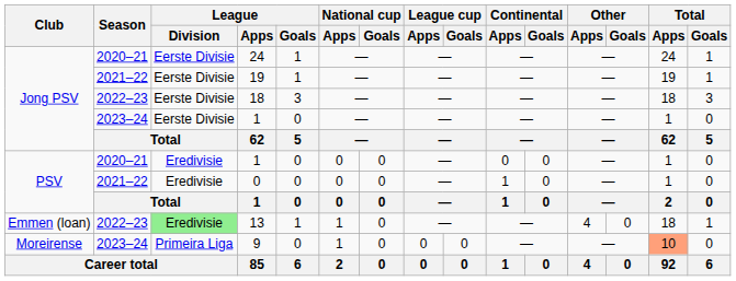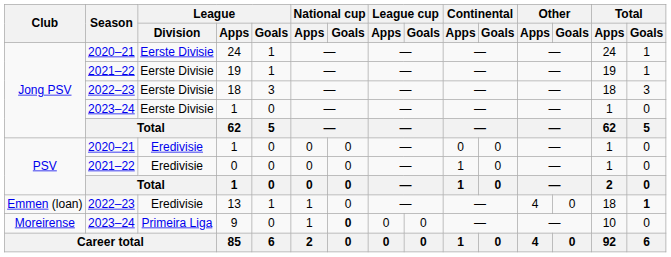 <table class="wikitable" Style="text-align: center">
 <tr>
 <th rowspan="2">Club</th>
 <th rowspan="2">Season</th>
 <th colspan="3">League</th>
 <th colspan="2">National cup</th>
 <th colspan="2">League cup</th>
 <th colspan="2">Continental</th>
 <th colspan="2">Other</th>
 <th colspan="2">Total</th>
 </tr>
 <tr>
 <th>Division</th>
 <th>Apps</th>
 <th>Goals</th>
 <th>Apps</th>
 <th>Goals</th>
 <th>Apps</th>
 <th>Goals</th>
 <th>Apps</th>
 <th>Goals</th>
 <th>Apps</th>
 <th>Goals</th>
 <th>Apps</th>
 <th>Goals</th>
 </tr>
 <tr>
 <td rowspan="5"><a href='#'>Jong PSV</a></td>
 <td><a href='#'>2020–21</a></td>
 <td><a href='#'>Eerste Divisie</a></td>
 <td>24</td>
 <td>1</td>
 <td colspan="2">—</td>
 <td colspan="2">—</td>
 <td colspan="2">—</td>
 <td colspan="2">—</td>
 <td>24</td>
 <td>1</td>
 </tr>
 <tr>
 <td><a href='#'>2021–22</a></td>
 <td>Eerste Divisie</td>
 <td>19</td>
 <td>1</td>
 <td colspan="2">—</td>
 <td colspan="2">—</td>
 <td colspan="2">—</td>
 <td colspan="2">—</td>
 <td>19</td>
 <td>1</td>
 </tr>
 <tr>
 <td><a href='#'>2022–23</a></td>
 <td>Eerste Divisie</td>
 <td>18</td>
 <td>3</td>
 <td colspan="2">—</td>
 <td colspan="2">—</td>
 <td colspan="2">—</td>
 <td colspan="2">—</td>
 <td>18</td>
 <td>3</td>
 </tr>
 <tr>
 <td><a href='#'>2023–24</a></td>
 <td>Eerste Divisie</td>
 <td>1</td>
 <td>0</td>
 <td colspan="2">—</td>
 <td colspan="2">—</td>
 <td colspan="2">—</td>
 <td colspan="2">—</td>
 <td>1</td>
 <td>0</td>
 </tr>
 <tr>
 <th colspan="2">Total</th>
 <th>62</th>
 <th>5</th>
 <th colspan="2">—</th>
 <th colspan="2">—</th>
 <th colspan="2">—</th>
 <th colspan="2">—</th>
 <th>62</th>
 <th>5</th>
 </tr>
 <tr>
 <td rowspan="3"><a href='#'>PSV</a></td>
 <td><a href='#'>2020–21</a></td>
 <td><a href='#'>Eredivisie</a></td>
 <td>1</td>
 <td>0</td>
 <td>0</td>
 <td>0</td>
 <td colspan="2">—</td>
 <td>0</td>
 <td>0</td>
 <td colspan="2">—</td>
 <td>1</td>
 <td>0</td>
 </tr>
 <tr>
 <td><a href='#'>2021–22</a></td>
 <td>Eredivisie</td>
 <td>0</td>
 <td>0</td>
 <td>0</td>
 <td>0</td>
 <td colspan="2">—</td>
 <td>1</td>
 <td>0</td>
 <td colspan="2">—</td>
 <td>1</td>
 <td>0</td>
 </tr>
 <tr>
 <th colspan="2">Total</th>
 <th>1</th>
 <th>0</th>
 <th>0</th>
 <th>0</th>
 <th colspan="2">—</th>
 <th>1</th>
 <th>0</th>
 <th colspan="2">—</th>
 <th>2</th>
 <th>0</th>
 </tr>
 <tr>
 <td><a href='#'>Emmen</a> (loan)</td>
 <td><a href='#'>2022–23</a></td>
-<td style="background: lightgreen;">Eredivisie</td>
+<td>Eredivisie</td>
 <td>13</td>
 <td>1</td>
 <td>1</td>
 <td>0</td>
 <td colspan="2">—</td>
 <td colspan="2">—</td>
 <td>4</td>
 <td>0</td>
 <td>18</td>
-<td>1</td>
+<td><strong>1</strong></td>
 </tr>
 <tr>
 <td><a href='#'>Moreirense</a></td>
 <td><a href='#'>2023–24</a></td>
 <td><a href='#'>Primeira Liga</a></td>
 <td>9</td>
 <td>0</td>
 <td>1</td>
-<td>0</td>
+<td><strong>0</strong></td>
 <td>0</td>
 <td>0</td>
 <td colspan="2">—</td>
 <td colspan="2">—</td>
-<td style="background: lightsalmon;">10</td>
+<td>10</td>
 <td>0</td>
 </tr>
 <tr>
 <th colspan="3">Career total</th>
 <th>85</th>
 <th>6</th>
 <th>2</th>
 <th>0</th>
 <th>0</th>
 <th>0</th>
 <th>1</th>
 <th>0</th>
 <th>4</th>
 <th>0</th>
 <th>92</th>
 <th>6</th>
 </tr>
 </table>
